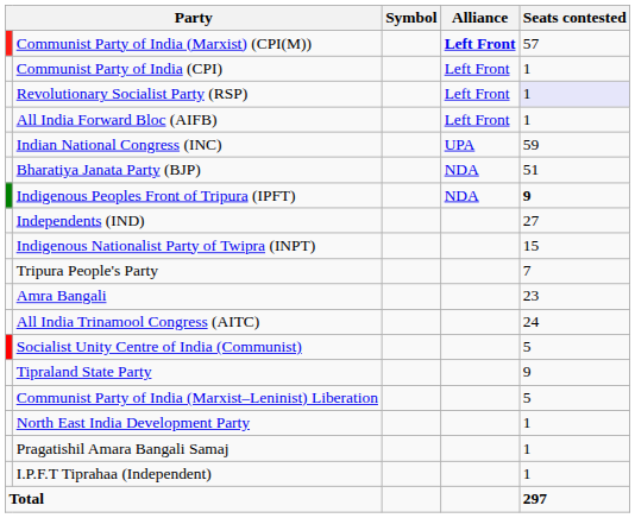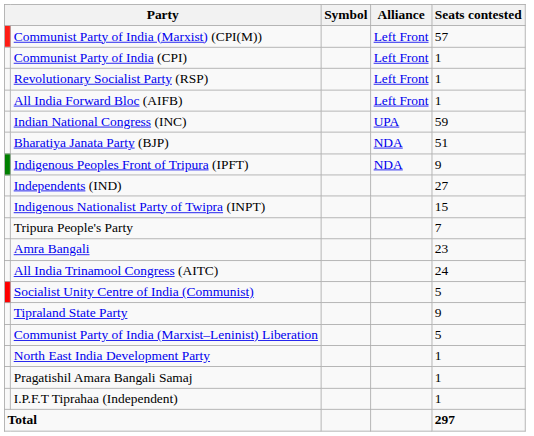 <table class="wikitable">
 <tr>
 <th colspan="2">Party</th>
 <th>Symbol</th>
 <th>Alliance</th>
 <th>Seats contested</th>
 </tr>
 <tr>
 <td bgcolor=#FF1D15></td>
 <td><a href='#'>Communist Party of India (Marxist)</a> (CPI(M))</td>
 <td></td>
-<td><strong><a href='#'>Left Front</a></strong></td>
+<td><a href='#'>Left Front</a></td>
 <td>57</td>
 </tr>
 <tr>
 <td></td>
 <td><a href='#'>Communist Party of India</a> (CPI)</td>
 <td></td>
 <td><a href='#'>Left Front</a></td>
 <td>1</td>
 </tr>
 <tr>
 <td></td>
 <td><a href='#'>Revolutionary Socialist Party</a> (RSP)</td>
 <td></td>
 <td><a href='#'>Left Front</a></td>
-<td style="background: lavender;">1</td>
+<td>1</td>
 </tr>
 <tr>
 <td></td>
 <td><a href='#'>All India Forward Bloc</a> (AIFB)</td>
 <td></td>
 <td><a href='#'>Left Front</a></td>
 <td>1</td>
 </tr>
 <tr>
 <td></td>
 <td><a href='#'>Indian National Congress</a> (INC)</td>
 <td></td>
 <td><a href='#'>UPA</a></td>
 <td>59</td>
 </tr>
 <tr>
 <td></td>
 <td><a href='#'>Bharatiya Janata Party</a> (BJP)</td>
 <td></td>
 <td><a href='#'>NDA</a></td>
 <td>51</td>
 </tr>
 <tr>
 <td bgcolor=#008000></td>
 <td><a href='#'>Indigenous Peoples Front of Tripura</a> (IPFT)</td>
 <td></td>
 <td><a href='#'>NDA</a></td>
-<td><strong>9</strong></td>
+<td>9</td>
 </tr>
 <tr>
 <td></td>
 <td><a href='#'>Independents</a> (IND)</td>
 <td></td>
 <td></td>
 <td>27</td>
 </tr>
 <tr>
 <td></td>
 <td><a href='#'>Indigenous Nationalist Party of Twipra</a> (INPT)</td>
 <td></td>
 <td></td>
 <td>15</td>
 </tr>
 <tr>
 <td></td>
 <td>Tripura People's Party</td>
 <td></td>
 <td></td>
 <td>7</td>
 </tr>
 <tr>
 <td></td>
 <td><a href='#'>Amra Bangali</a></td>
 <td></td>
 <td></td>
 <td>23</td>
 </tr>
 <tr>
 <td></td>
 <td><a href='#'>All India Trinamool Congress</a> (AITC)</td>
 <td></td>
 <td></td>
 <td>24</td>
 </tr>
 <tr>
 <td bgcolor="red"></td>
 <td><a href='#'>Socialist Unity Centre of India (Communist)</a></td>
 <td></td>
 <td></td>
 <td>5</td>
 </tr>
 <tr>
 <td></td>
 <td><a href='#'>Tipraland State Party</a></td>
 <td></td>
 <td></td>
 <td>9</td>
 </tr>
 <tr>
 <td></td>
 <td><a href='#'>Communist Party of India (Marxist–Leninist) Liberation</a></td>
 <td></td>
 <td></td>
 <td>5</td>
 </tr>
 <tr>
 <td></td>
 <td><a href='#'>North East India Development Party</a></td>
 <td></td>
 <td></td>
 <td>1</td>
 </tr>
 <tr>
 <td></td>
 <td>Pragatishil Amara Bangali Samaj</td>
 <td></td>
 <td></td>
 <td>1</td>
 </tr>
 <tr>
 <td></td>
 <td>I.P.F.T Tiprahaa (Independent)</td>
 <td></td>
 <td></td>
 <td>1</td>
 </tr>
 <tr>
 <td colspan="2"><strong>Total</strong></td>
 <td></td>
 <td></td>
 <td><strong>297</strong></td>
 </tr>
 </table>
